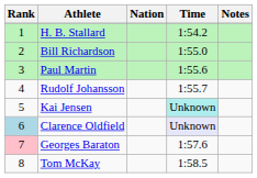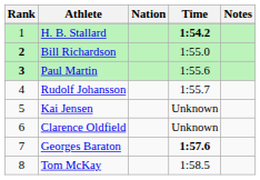 <table class="wikitable sortable" style="text-align:center">
 <tr>
 <th>Rank</th>
 <th>Athlete</th>
 <th>Nation</th>
 <th>Time</th>
 <th>Notes</th>
 </tr>
 <tr>
 </tr>
 <tr bgcolor=bbf3bb>
 <td>1</td>
 <td align=left><a href='#'>H. B. Stallard</a></td>
 <td align=left></td>
-<td>1:54.2</td>
+<td><strong>1:54.2</strong></td>
 <td></td>
 </tr>
 <tr bgcolor=bbf3bb>
-<td>2</td>
+<td><strong>2</strong></td>
 <td align=left><a href='#'>Bill Richardson</a></td>
 <td align=left></td>
 <td>1:55.0</td>
 <td></td>
 </tr>
 <tr bgcolor=bbf3bb>
-<td>3</td>
+<td><strong>3</strong></td>
 <td align=left><a href='#'>Paul Martin</a></td>
 <td align=left></td>
 <td>1:55.6</td>
 <td></td>
 </tr>
 <tr>
 <td>4</td>
 <td align=left><a href='#'>Rudolf Johansson</a></td>
 <td align=left></td>
 <td>1:55.7</td>
 <td></td>
 </tr>
 <tr>
 <td>5</td>
 <td align=left><a href='#'>Kai Jensen</a></td>
 <td align=left></td>
-<td data-sort-value=1:56.0 style="background: paleturquoise;">Unknown</td>
+<td data-sort-value=1:56.0>Unknown</td>
 <td></td>
 </tr>
 <tr>
-<td style="background: lightblue;">6</td>
+<td>6</td>
 <td align=left><a href='#'>Clarence Oldfield</a></td>
 <td align=left></td>
-<td data-sort-value=1:57.0 style="background: lavender;">Unknown</td>
+<td data-sort-value=1:57.0>Unknown</td>
 <td></td>
 </tr>
 <tr>
-<td style="background: pink;">7</td>
+<td>7</td>
 <td align=left><a href='#'>Georges Baraton</a></td>
 <td align=left></td>
-<td>1:57.6</td>
+<td><strong>1:57.6</strong></td>
 <td></td>
 </tr>
 <tr>
 <td>8</td>
 <td align=left><a href='#'>Tom McKay</a></td>
 <td align=left></td>
 <td>1:58.5</td>
 <td></td>
 </tr>
 </table>
